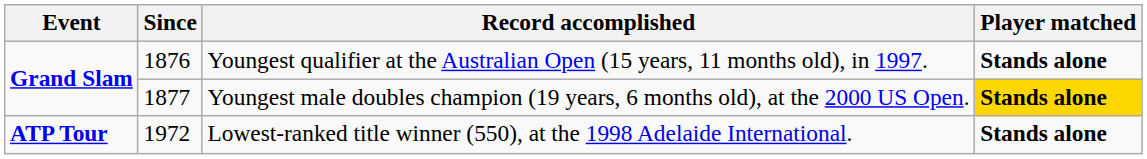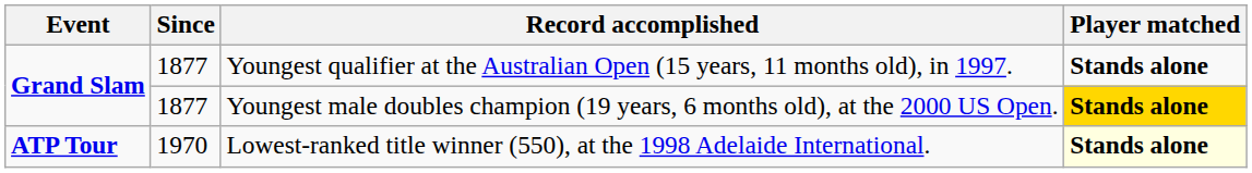 <table class=wikitable>
 <tr style="background:#efefef;">
 <th>Event</th>
 <th>Since</th>
 <th>Record accomplished</th>
 <th>Player matched</th>
 </tr>
 <tr>
 <td rowspan="2"><a href='#'><strong>Grand Slam</strong></a></td>
-<td>1876</td>
+<td>1877</td>
 <td>Youngest qualifier at the <a href='#'>Australian Open</a> (15 years, 11 months old), in <a href='#'>1997</a>.</td>
 <td><strong>Stands alone</strong></td>
 </tr>
 <tr>
 <td>1877</td>
 <td>Youngest male doubles champion (19 years, 6 months old), at the <a href='#'>2000 US Open</a>.</td>
 <td style="background: gold;"><strong>Stands alone</strong></td>
 </tr>
 <tr>
 <td><strong><a href='#'>ATP Tour</a></strong></td>
-<td>1972</td>
+<td>1970</td>
 <td>Lowest-ranked title winner (550), at the <a href='#'>1998 Adelaide International</a>.</td>
-<td><strong>Stands alone</strong></td>
+<td style="background: lightyellow;"><strong>Stands alone</strong></td>
 </tr>
 </table>
